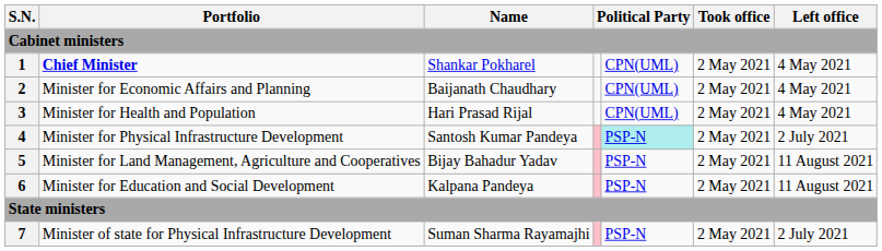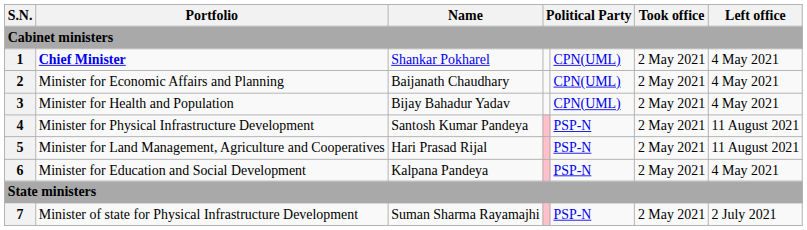 <table class="wikitable">
 <tr>
 <th>S.N.</th>
 <th>Portfolio</th>
 <th>Name<br></th>
 <th colspan="2">Political Party</th>
 <th>Took office</th>
 <th>Left office</th>
 </tr>
 <tr>
 <td colspan="7" bgcolor="darkgrey"><strong>Cabinet ministers</strong></td>
 </tr>
 <tr>
 <th>1</th>
 <td><strong><a href='#'>Chief Minister</a><br></strong></td>
 <td><a href='#'>Shankar Pokharel</a></td>
 <td></td>
 <td><a href='#'>CPN(UML)</a></td>
 <td>2 May 2021</td>
 <td>4 May 2021</td>
 </tr>
 <tr>
 <th>2</th>
 <td>Minister for Economic Affairs and Planning</td>
 <td>Baijanath Chaudhary</td>
 <td></td>
 <td><a href='#'>CPN(UML)</a></td>
 <td>2 May 2021</td>
 <td>4 May 2021</td>
 </tr>
 <tr>
 <th>3</th>
 <td>Minister for Health and Population</td>
-<td>Hari Prasad Rijal</td>
+<td>Bijay Bahadur Yadav</td>
 <td></td>
 <td><a href='#'>CPN(UML)</a></td>
 <td>2 May 2021</td>
 <td>4 May 2021</td>
 </tr>
 <tr>
 <th>4</th>
 <td>Minister for Physical Infrastructure Development</td>
 <td>Santosh Kumar Pandeya</td>
 <td bgcolor="FFC0CB"></td>
-<td style="background: paleturquoise;"><a href='#'>PSP-N</a></td>
+<td><a href='#'>PSP-N</a></td>
 <td>2 May 2021</td>
-<td>2 July 2021</td>
+<td>11 August 2021</td>
 </tr>
 <tr>
 <th>5</th>
 <td>Minister for Land Management, Agriculture and Cooperatives</td>
-<td>Bijay Bahadur Yadav</td>
+<td>Hari Prasad Rijal</td>
 <td bgcolor="FFC0CB"></td>
 <td><a href='#'>PSP-N</a></td>
 <td>2 May 2021</td>
 <td>11 August 2021</td>
 </tr>
 <tr>
 <th>6</th>
 <td>Minister for Education and Social Development</td>
 <td>Kalpana Pandeya</td>
 <td bgcolor="FFC0CB"></td>
 <td><a href='#'>PSP-N</a></td>
 <td>2 May 2021</td>
-<td>11 August 2021</td>
+<td>4 May 2021</td>
 </tr>
 <tr>
 <td colspan="7" bgcolor="darkgrey"><strong>State ministers</strong></td>
 </tr>
 <tr>
 <th>7</th>
 <td>Minister of state for Physical Infrastructure Development</td>
 <td>Suman Sharma Rayamajhi</td>
 <td bgcolor="FFC0CB"></td>
 <td><a href='#'>PSP-N</a></td>
 <td>2 May 2021</td>
 <td>2 July 2021</td>
 </tr>
 </table>
